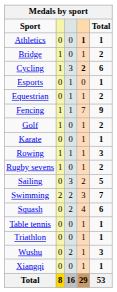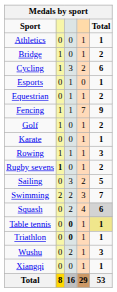 <table class=wikitable style="font-size:85%; float:right;text-align:center">
 <tr bgcolor=EFEFEF>
 <th colspan=7>Medals by sport</th>
 </tr>
 <tr>
 <td><strong>Sport</strong></td>
 <td bgcolor=F7F6A8></td>
 <td bgcolor=DCE5E5></td>
 <td bgcolor=FFDBA9></td>
 <td><strong>Total</strong></td>
 </tr>
 <tr>
 <td><a href='#'>Athletics</a></td>
 <td style="background:#F7F6A8;">0</td>
 <td style="background:#DCE5E5;">0</td>
-<td style="background:#FFDAB9;"><strong>1</strong></td>
+<td style="background:#FFDAB9;">1</td>
 <td><strong>1</strong></td>
 </tr>
 <tr>
 <td><a href='#'>Bridge</a></td>
 <td style="background:#F7F6A8;">1</td>
 <td style="background:#DCE5E5;">0</td>
 <td style="background:#FFDAB9;">1</td>
 <td><strong>2</strong></td>
 </tr>
 <tr>
 <td><a href='#'>Cycling</a></td>
 <td style="background:#F7F6A8;">1</td>
 <td style="background:#DCE5E5;">3</td>
-<td style="background:#FFDAB9;"><strong>2</strong></td>
+<td style="background:#FFDAB9;">2</td>
 <td><strong>6</strong></td>
 </tr>
 <tr>
 <td><a href='#'>Esports</a></td>
 <td style="background:#F7F6A8;">0</td>
 <td style="background:#DCE5E5;">1</td>
 <td style="background:#FFDAB9;">0</td>
 <td><strong>1</strong></td>
 </tr>
 <tr>
 <td><a href='#'>Equestrian</a></td>
 <td style="background:#F7F6A8;">0</td>
 <td style="background:#DCE5E5;">1</td>
 <td style="background:#FFDAB9;">1</td>
 <td><strong>2</strong></td>
 </tr>
 <tr>
 <td><a href='#'>Fencing</a></td>
 <td style="background:#F7F6A8;">1</td>
 <td style="background:#DCE5E5;">1</td>
 <td style="background:#FFDAB9;">7</td>
 <td><strong>9</strong></td>
 </tr>
 <tr>
 <td><a href='#'>Golf</a></td>
 <td style="background:#F7F6A8;">1</td>
 <td style="background:#DCE5E5;">0</td>
 <td style="background:#FFDAB9;">1</td>
 <td><strong>2</strong></td>
 </tr>
 <tr>
 <td><a href='#'>Karate</a></td>
 <td style="background:#F7F6A8;">0</td>
 <td style="background:#DCE5E5;">0</td>
 <td style="background:#FFDAB9;">1</td>
 <td><strong>1</strong></td>
 </tr>
 <tr>
 <td><a href='#'>Rowing</a></td>
 <td style="background:#F7F6A8;">1</td>
 <td style="background:#DCE5E5;">1</td>
 <td style="background:#FFDAB9;">1</td>
 <td><strong>3</strong></td>
 </tr>
 <tr>
 <td><a href='#'>Rugby sevens</a></td>
-<td style="background:#F7F6A8;">1</td>
+<td style="background:#F7F6A8;"><strong>1</strong></td>
 <td style="background:#DCE5E5;">0</td>
 <td style="background:#FFDAB9;">1</td>
 <td><strong>2</strong></td>
 </tr>
 <tr>
 <td><a href='#'>Sailing</a></td>
 <td style="background:#F7F6A8;">0</td>
 <td style="background:#DCE5E5;">3</td>
 <td style="background:#FFDAB9;">2</td>
 <td><strong>5</strong></td>
 </tr>
 <tr>
 <td><a href='#'>Swimming</a></td>
 <td style="background:#F7F6A8;">2</td>
 <td style="background:#DCE5E5;">2</td>
 <td style="background:#FFDAB9;">3</td>
 <td><strong>7</strong></td>
 </tr>
 <tr>
 <td><a href='#'>Squash</a></td>
 <td style="background:#F7F6A8;">0</td>
 <td style="background:#DCE5E5;">2</td>
 <td style="background:#FFDAB9;">4</td>
-<td><strong>6</strong></td>
+<td style="background: lightgrey;"><strong>6</strong></td>
 </tr>
 <tr>
 <td><a href='#'>Table tennis</a></td>
 <td style="background:#F7F6A8;">0</td>
-<td style="background:#DCE5E5;">0</td>
+<td style="background:#DCE5E5;"><strong>0</strong></td>
 <td style="background:#FFDAB9;">1</td>
-<td><strong>1</strong></td>
+<td style="background: khaki;"><strong>1</strong></td>
 </tr>
 <tr>
 <td><a href='#'>Triathlon</a></td>
 <td style="background:#F7F6A8;">0</td>
-<td style="background:#DCE5E5;">0</td>
+<td style="background:#DCE5E5;"><strong>0</strong></td>
 <td style="background:#FFDAB9;">1</td>
 <td><strong>1</strong></td>
 </tr>
 <tr>
 <td><a href='#'>Wushu</a></td>
 <td style="background:#F7F6A8;">0</td>
 <td style="background:#DCE5E5;">2</td>
 <td style="background:#FFDAB9;">1</td>
 <td><strong>3</strong></td>
 </tr>
 <tr>
 <td><a href='#'>Xiangqi</a></td>
 <td style="background:#F7F6A8;">0</td>
 <td style="background:#DCE5E5;">0</td>
 <td style="background:#FFDAB9;">1</td>
 <td><strong>1</strong></td>
 </tr>
 <tr>
 <th>Total</th>
 <th style="background:gold;"><strong>8</strong></th>
 <th style="background:silver;"><strong>16</strong></th>
 <th style="background:#c96;"><strong>29</strong></th>
 <th><strong>53</strong></th>
 </tr>
 </table>
